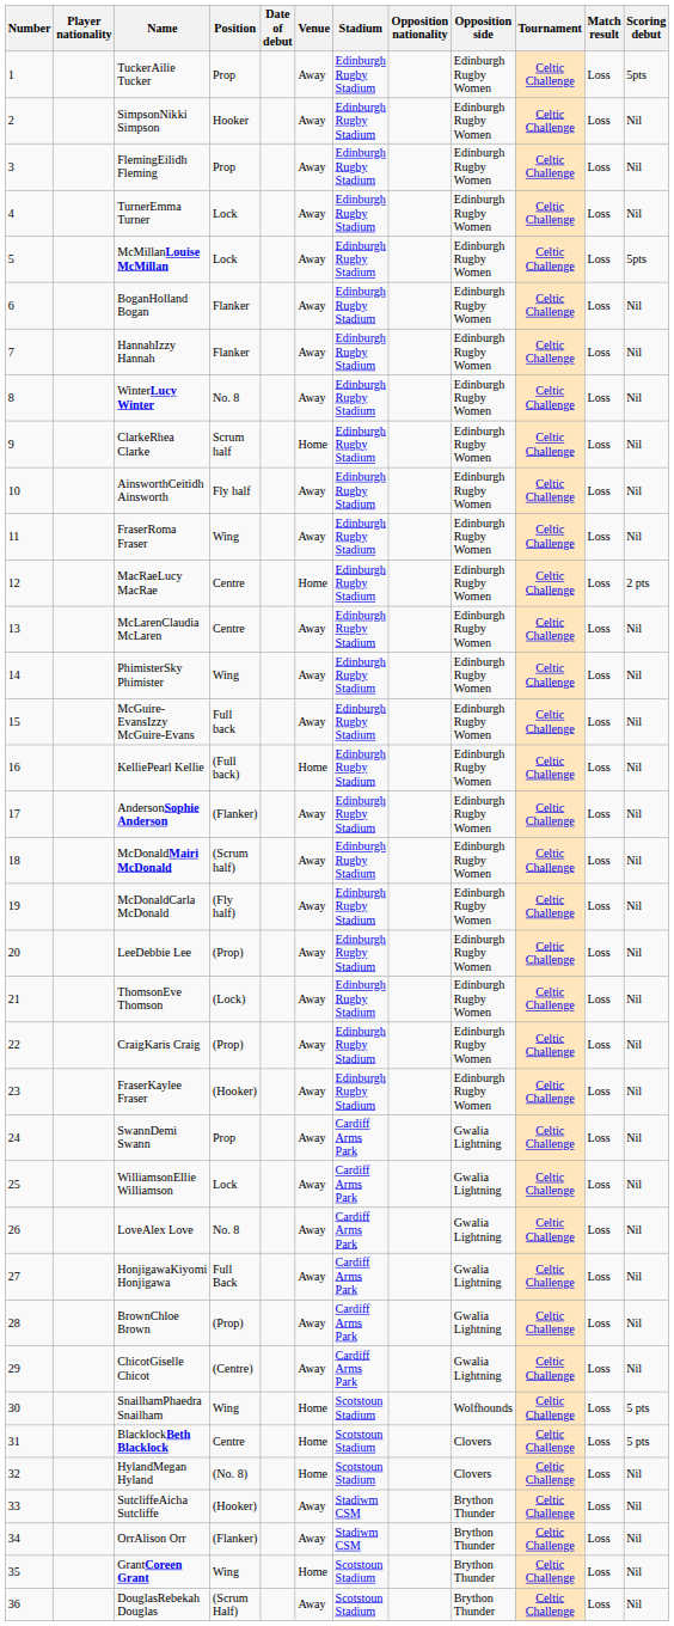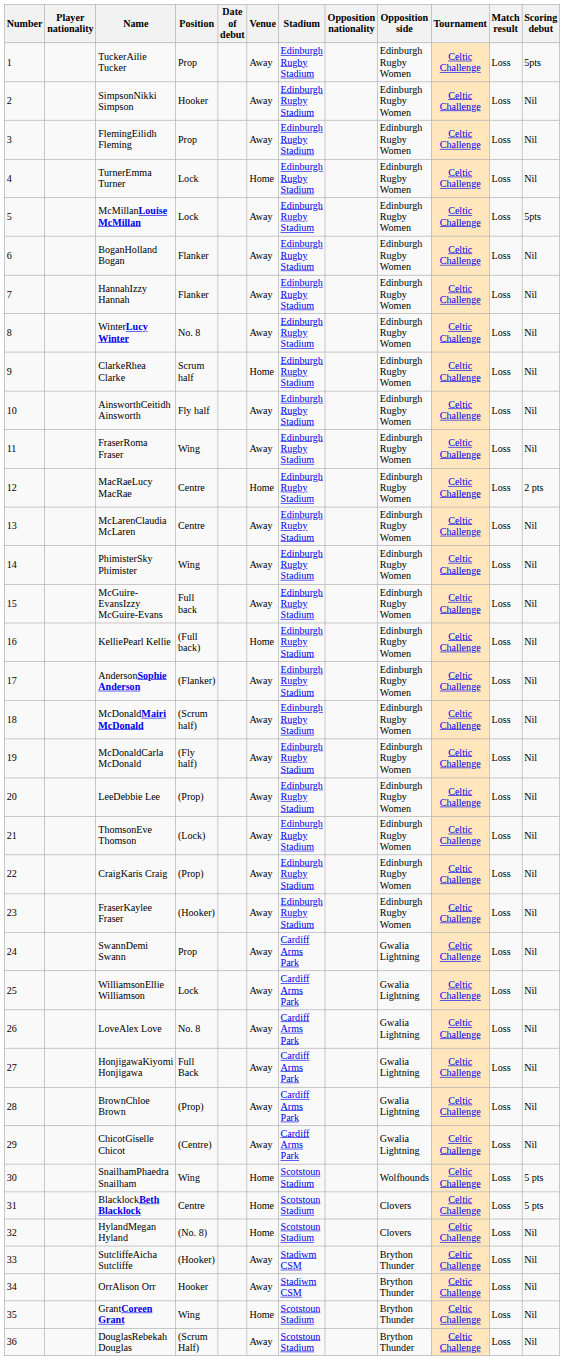 <table class="sortable wikitable">
 <tr>
 <th data-sort-type="number">Number</th>
 <th>Player nationality</th>
 <th>Name</th>
 <th>Position</th>
 <th>Date of debut</th>
 <th>Venue</th>
 <th>Stadium</th>
 <th>Opposition nationality</th>
 <th>Opposition side</th>
 <th>Tournament</th>
 <th>Match result</th>
 <th>Scoring debut</th>
 </tr>
 <tr>
 <td>1</td>
 <td style="text-align:center;"></td>
 <td><span>Tucker</span>Ailie Tucker</td>
 <td>Prop</td>
 <td></td>
 <td>Away</td>
 <td><a href='#'>Edinburgh Rugby Stadium</a></td>
 <td style="text-align:center;"></td>
 <td>Edinburgh Rugby Women</td>
 <td style="text-align:center; background:#ffe6bd;"><a href='#'>Celtic Challenge</a></td>
 <td>Loss</td>
 <td>5pts</td>
 </tr>
 <tr>
 <td>2</td>
 <td style="text-align:center;"></td>
 <td><span>Simpson</span>Nikki Simpson</td>
 <td>Hooker</td>
 <td></td>
 <td>Away</td>
 <td><a href='#'>Edinburgh Rugby Stadium</a></td>
 <td style="text-align:center;"></td>
 <td>Edinburgh Rugby Women</td>
 <td style="text-align:center; background:#ffe6bd;"><a href='#'>Celtic Challenge</a></td>
 <td>Loss</td>
 <td>Nil</td>
 </tr>
 <tr>
 <td>3</td>
 <td style="text-align:center;"></td>
 <td><span>Fleming</span>Eilidh Fleming</td>
 <td>Prop</td>
 <td></td>
 <td>Away</td>
 <td><a href='#'>Edinburgh Rugby Stadium</a></td>
 <td style="text-align:center;"></td>
 <td>Edinburgh Rugby Women</td>
 <td style="text-align:center; background:#ffe6bd;"><a href='#'>Celtic Challenge</a></td>
 <td>Loss</td>
 <td>Nil</td>
 </tr>
 <tr>
 <td>4</td>
 <td style="text-align:center;"></td>
 <td><span>Turner</span>Emma Turner</td>
 <td>Lock</td>
 <td></td>
-<td>Away</td>
+<td>Home</td>
 <td><a href='#'>Edinburgh Rugby Stadium</a></td>
 <td style="text-align:center;"></td>
 <td>Edinburgh Rugby Women</td>
 <td style="text-align:center; background:#ffe6bd;"><a href='#'>Celtic Challenge</a></td>
 <td>Loss</td>
 <td>Nil</td>
 </tr>
 <tr>
 <td>5</td>
 <td style="text-align:center;"></td>
 <td><span>McMillan</span><strong><a href='#'>Louise McMillan</a></strong></td>
 <td>Lock</td>
 <td></td>
 <td>Away</td>
 <td><a href='#'>Edinburgh Rugby Stadium</a></td>
 <td style="text-align:center;"></td>
 <td>Edinburgh Rugby Women</td>
 <td style="text-align:center; background:#ffe6bd;"><a href='#'>Celtic Challenge</a></td>
 <td>Loss</td>
 <td>5pts</td>
 </tr>
 <tr>
 <td>6</td>
 <td style="text-align:center;"></td>
 <td><span>Bogan</span>Holland Bogan</td>
 <td>Flanker</td>
 <td></td>
 <td>Away</td>
 <td><a href='#'>Edinburgh Rugby Stadium</a></td>
 <td style="text-align:center;"></td>
 <td>Edinburgh Rugby Women</td>
 <td style="text-align:center; background:#ffe6bd;"><a href='#'>Celtic Challenge</a></td>
 <td>Loss</td>
 <td>Nil</td>
 </tr>
 <tr>
 <td>7</td>
 <td style="text-align:center;"></td>
 <td><span>Hannah</span>Izzy Hannah</td>
 <td>Flanker</td>
 <td></td>
 <td>Away</td>
 <td><a href='#'>Edinburgh Rugby Stadium</a></td>
 <td style="text-align:center;"></td>
 <td>Edinburgh Rugby Women</td>
 <td style="text-align:center; background:#ffe6bd;"><a href='#'>Celtic Challenge</a></td>
 <td>Loss</td>
 <td>Nil</td>
 </tr>
 <tr>
 <td>8</td>
 <td style="text-align:center;"></td>
 <td><span>Winter</span><strong><a href='#'>Lucy Winter</a></strong></td>
 <td>No. 8</td>
 <td></td>
 <td>Away</td>
 <td><a href='#'>Edinburgh Rugby Stadium</a></td>
 <td style="text-align:center;"></td>
 <td>Edinburgh Rugby Women</td>
 <td style="text-align:center; background:#ffe6bd;"><a href='#'>Celtic Challenge</a></td>
 <td>Loss</td>
 <td>Nil</td>
 </tr>
 <tr>
 <td>9</td>
 <td style="text-align:center;"></td>
 <td><span>Clarke</span>Rhea Clarke</td>
 <td>Scrum half</td>
 <td></td>
 <td>Home</td>
 <td><a href='#'>Edinburgh Rugby Stadium</a></td>
 <td style="text-align:center;"></td>
 <td>Edinburgh Rugby Women</td>
 <td style="text-align:center; background:#ffe6bd;"><a href='#'>Celtic Challenge</a></td>
 <td>Loss</td>
 <td>Nil</td>
 </tr>
 <tr>
 <td>10</td>
 <td style="text-align:center;"></td>
 <td><span>Ainsworth</span>Ceitidh Ainsworth</td>
 <td>Fly half</td>
 <td></td>
 <td>Away</td>
 <td><a href='#'>Edinburgh Rugby Stadium</a></td>
 <td style="text-align:center;"></td>
 <td>Edinburgh Rugby Women</td>
 <td style="text-align:center; background:#ffe6bd;"><a href='#'>Celtic Challenge</a></td>
 <td>Loss</td>
 <td>Nil</td>
 </tr>
 <tr>
 <td>11</td>
 <td style="text-align:center;"></td>
 <td><span>Fraser</span>Roma Fraser</td>
 <td>Wing</td>
 <td></td>
 <td>Away</td>
 <td><a href='#'>Edinburgh Rugby Stadium</a></td>
 <td style="text-align:center;"></td>
 <td>Edinburgh Rugby Women</td>
 <td style="text-align:center; background:#ffe6bd;"><a href='#'>Celtic Challenge</a></td>
 <td>Loss</td>
 <td>Nil</td>
 </tr>
 <tr>
 <td>12</td>
 <td style="text-align:center;"></td>
 <td><span>MacRae</span>Lucy MacRae</td>
 <td>Centre</td>
 <td></td>
 <td>Home</td>
 <td><a href='#'>Edinburgh Rugby Stadium</a></td>
 <td style="text-align:center;"></td>
 <td>Edinburgh Rugby Women</td>
 <td style="text-align:center; background:#ffe6bd;"><a href='#'>Celtic Challenge</a></td>
 <td>Loss</td>
 <td>2 pts</td>
 </tr>
 <tr>
 <td>13</td>
 <td style="text-align:center;"></td>
 <td><span>McLaren</span>Claudia McLaren</td>
 <td>Centre</td>
 <td></td>
 <td>Away</td>
 <td><a href='#'>Edinburgh Rugby Stadium</a></td>
 <td style="text-align:center;"></td>
 <td>Edinburgh Rugby Women</td>
 <td style="text-align:center; background:#ffe6bd;"><a href='#'>Celtic Challenge</a></td>
 <td>Loss</td>
 <td>Nil</td>
 </tr>
 <tr>
 <td>14</td>
 <td style="text-align:center;"></td>
 <td><span>Phimister</span>Sky Phimister</td>
 <td>Wing</td>
 <td></td>
 <td>Away</td>
 <td><a href='#'>Edinburgh Rugby Stadium</a></td>
 <td style="text-align:center;"></td>
 <td>Edinburgh Rugby Women</td>
 <td style="text-align:center; background:#ffe6bd;"><a href='#'>Celtic Challenge</a></td>
 <td>Loss</td>
 <td>Nil</td>
 </tr>
 <tr>
 <td>15</td>
 <td style="text-align:center;"></td>
 <td><span>McGuire-Evans</span>Izzy McGuire-Evans</td>
 <td>Full back</td>
 <td></td>
 <td>Away</td>
 <td><a href='#'>Edinburgh Rugby Stadium</a></td>
 <td style="text-align:center;"></td>
 <td>Edinburgh Rugby Women</td>
 <td style="text-align:center; background:#ffe6bd;"><a href='#'>Celtic Challenge</a></td>
 <td>Loss</td>
 <td>Nil</td>
 </tr>
 <tr>
 <td>16</td>
 <td style="text-align:center;"></td>
 <td><span>Kellie</span>Pearl Kellie</td>
 <td>(Full back)</td>
 <td></td>
 <td>Home</td>
 <td><a href='#'>Edinburgh Rugby Stadium</a></td>
 <td style="text-align:center;"></td>
 <td>Edinburgh Rugby Women</td>
 <td style="text-align:center; background:#ffe6bd;"><a href='#'>Celtic Challenge</a></td>
 <td>Loss</td>
 <td>Nil</td>
 </tr>
 <tr>
 <td>17</td>
 <td style="text-align:center;"></td>
 <td><span>Anderson</span><strong><a href='#'>Sophie Anderson</a></strong></td>
 <td>(Flanker)</td>
 <td></td>
 <td>Away</td>
 <td><a href='#'>Edinburgh Rugby Stadium</a></td>
 <td style="text-align:center;"></td>
 <td>Edinburgh Rugby Women</td>
 <td style="text-align:center; background:#ffe6bd;"><a href='#'>Celtic Challenge</a></td>
 <td>Loss</td>
 <td>Nil</td>
 </tr>
 <tr>
 <td>18</td>
 <td style="text-align:center;"></td>
 <td><span>McDonald</span><strong><a href='#'>Mairi McDonald</a></strong></td>
 <td>(Scrum half)</td>
 <td></td>
 <td>Away</td>
 <td><a href='#'>Edinburgh Rugby Stadium</a></td>
 <td style="text-align:center;"></td>
 <td>Edinburgh Rugby Women</td>
 <td style="text-align:center; background:#ffe6bd;"><a href='#'>Celtic Challenge</a></td>
 <td>Loss</td>
 <td>Nil</td>
 </tr>
 <tr>
 <td>19</td>
 <td style="text-align:center;"></td>
 <td><span>McDonald</span>Carla McDonald</td>
 <td>(Fly half)</td>
 <td></td>
 <td>Away</td>
 <td><a href='#'>Edinburgh Rugby Stadium</a></td>
 <td style="text-align:center;"></td>
 <td>Edinburgh Rugby Women</td>
 <td style="text-align:center; background:#ffe6bd;"><a href='#'>Celtic Challenge</a></td>
 <td>Loss</td>
 <td>Nil</td>
 </tr>
 <tr>
 <td>20</td>
 <td style="text-align:center;"></td>
 <td><span>Lee</span>Debbie Lee</td>
 <td>(Prop)</td>
 <td></td>
 <td>Away</td>
 <td><a href='#'>Edinburgh Rugby Stadium</a></td>
 <td style="text-align:center;"></td>
 <td>Edinburgh Rugby Women</td>
 <td style="text-align:center; background:#ffe6bd;"><a href='#'>Celtic Challenge</a></td>
 <td>Loss</td>
 <td>Nil</td>
 </tr>
 <tr>
 <td>21</td>
 <td style="text-align:center;"></td>
 <td><span>Thomson</span>Eve Thomson</td>
 <td>(Lock)</td>
 <td></td>
 <td>Away</td>
 <td><a href='#'>Edinburgh Rugby Stadium</a></td>
 <td style="text-align:center;"></td>
 <td>Edinburgh Rugby Women</td>
 <td style="text-align:center; background:#ffe6bd;"><a href='#'>Celtic Challenge</a></td>
 <td>Loss</td>
 <td>Nil</td>
 </tr>
 <tr>
 <td>22</td>
 <td style="text-align:center;"></td>
 <td><span>Craig</span>Karis Craig</td>
 <td>(Prop)</td>
 <td></td>
 <td>Away</td>
 <td><a href='#'>Edinburgh Rugby Stadium</a></td>
 <td style="text-align:center;"></td>
 <td>Edinburgh Rugby Women</td>
 <td style="text-align:center; background:#ffe6bd;"><a href='#'>Celtic Challenge</a></td>
 <td>Loss</td>
 <td>Nil</td>
 </tr>
 <tr>
 <td>23</td>
 <td style="text-align:center;"></td>
 <td><span>Fraser</span>Kaylee Fraser</td>
 <td>(Hooker)</td>
 <td></td>
 <td>Away</td>
 <td><a href='#'>Edinburgh Rugby Stadium</a></td>
 <td style="text-align:center;"></td>
 <td>Edinburgh Rugby Women</td>
 <td style="text-align:center; background:#ffe6bd;"><a href='#'>Celtic Challenge</a></td>
 <td>Loss</td>
 <td>Nil</td>
 </tr>
 <tr>
 <td>24</td>
 <td style="text-align:center;"></td>
 <td><span>Swann</span>Demi Swann</td>
 <td>Prop</td>
 <td></td>
 <td>Away</td>
 <td><a href='#'>Cardiff Arms Park</a></td>
 <td style="text-align:center;"></td>
 <td>Gwalia Lightning</td>
 <td style="text-align:center; background:#ffe6bd;"><a href='#'>Celtic Challenge</a></td>
 <td>Loss</td>
 <td>Nil</td>
 </tr>
 <tr>
 <td>25</td>
 <td style="text-align:center;"></td>
 <td><span>Williamson</span>Ellie Williamson</td>
 <td>Lock</td>
 <td></td>
 <td>Away</td>
 <td><a href='#'>Cardiff Arms Park</a></td>
 <td style="text-align:center;"></td>
 <td>Gwalia Lightning</td>
 <td style="text-align:center; background:#ffe6bd;"><a href='#'>Celtic Challenge</a></td>
 <td>Loss</td>
 <td>Nil</td>
 </tr>
 <tr>
 <td>26</td>
 <td style="text-align:center;"></td>
 <td><span>Love</span>Alex Love</td>
 <td>No. 8</td>
 <td></td>
 <td>Away</td>
 <td><a href='#'>Cardiff Arms Park</a></td>
 <td style="text-align:center;"></td>
 <td>Gwalia Lightning</td>
 <td style="text-align:center; background:#ffe6bd;"><a href='#'>Celtic Challenge</a></td>
 <td>Loss</td>
 <td>Nil</td>
 </tr>
 <tr>
 <td>27</td>
 <td style="text-align:center;"></td>
 <td><span>Honjigawa</span>Kiyomi Honjigawa</td>
 <td>Full Back</td>
 <td></td>
 <td>Away</td>
 <td><a href='#'>Cardiff Arms Park</a></td>
 <td style="text-align:center;"></td>
 <td>Gwalia Lightning</td>
 <td style="text-align:center; background:#ffe6bd;"><a href='#'>Celtic Challenge</a></td>
 <td>Loss</td>
 <td>Nil</td>
 </tr>
 <tr>
 <td>28</td>
 <td style="text-align:center;"></td>
 <td><span>Brown</span>Chloe Brown</td>
 <td>(Prop)</td>
 <td></td>
 <td>Away</td>
 <td><a href='#'>Cardiff Arms Park</a></td>
 <td style="text-align:center;"></td>
 <td>Gwalia Lightning</td>
 <td style="text-align:center; background:#ffe6bd;"><a href='#'>Celtic Challenge</a></td>
 <td>Loss</td>
 <td>Nil</td>
 </tr>
 <tr>
 <td>29</td>
 <td style="text-align:center;"></td>
 <td><span>Chicot</span>Giselle Chicot</td>
 <td>(Centre)</td>
 <td></td>
 <td>Away</td>
 <td><a href='#'>Cardiff Arms Park</a></td>
 <td style="text-align:center;"></td>
 <td>Gwalia Lightning</td>
 <td style="text-align:center; background:#ffe6bd;"><a href='#'>Celtic Challenge</a></td>
 <td>Loss</td>
 <td>Nil</td>
 </tr>
 <tr>
 <td>30</td>
 <td style="text-align:center;"></td>
 <td><span>Snailham</span>Phaedra Snailham</td>
 <td>Wing</td>
 <td></td>
 <td>Home</td>
 <td><a href='#'>Scotstoun Stadium</a></td>
 <td style="text-align:center;"></td>
 <td>Wolfhounds</td>
 <td style="text-align:center; background:#ffe6bd;"><a href='#'>Celtic Challenge</a></td>
 <td>Loss</td>
 <td>5 pts</td>
 </tr>
 <tr>
 <td>31</td>
 <td style="text-align:center;"></td>
 <td><span>Blacklock</span><strong><a href='#'>Beth Blacklock</a></strong></td>
 <td>Centre</td>
 <td></td>
 <td>Home</td>
 <td><a href='#'>Scotstoun Stadium</a></td>
 <td style="text-align:center;"></td>
 <td>Clovers</td>
 <td style="text-align:center; background:#ffe6bd;"><a href='#'>Celtic Challenge</a></td>
 <td>Loss</td>
 <td>5 pts</td>
 </tr>
 <tr>
 <td>32</td>
 <td style="text-align:center;"></td>
 <td><span>Hyland</span>Megan Hyland</td>
 <td>(No. 8)</td>
 <td></td>
 <td>Home</td>
 <td><a href='#'>Scotstoun Stadium</a></td>
 <td style="text-align:center;"></td>
 <td>Clovers</td>
 <td style="text-align:center; background:#ffe6bd;"><a href='#'>Celtic Challenge</a></td>
 <td>Loss</td>
 <td>Nil</td>
 </tr>
 <tr>
 <td>33</td>
 <td style="text-align:center;"></td>
 <td><span>Sutcliffe</span>Aicha Sutcliffe</td>
 <td>(Hooker)</td>
 <td></td>
 <td>Away</td>
 <td><a href='#'>Stadiwm CSM</a></td>
 <td style="text-align:center;"></td>
 <td>Brython Thunder</td>
 <td style="text-align:center; background:#ffe6bd;"><a href='#'>Celtic Challenge</a></td>
 <td>Loss</td>
 <td>Nil</td>
 </tr>
 <tr>
 <td>34</td>
 <td style="text-align:center;"></td>
 <td><span>Orr</span>Alison Orr</td>
-<td>(Flanker)</td>
+<td>Hooker</td>
 <td></td>
 <td>Away</td>
 <td><a href='#'>Stadiwm CSM</a></td>
 <td style="text-align:center;"></td>
 <td>Brython Thunder</td>
 <td style="text-align:center; background:#ffe6bd;"><a href='#'>Celtic Challenge</a></td>
 <td>Loss</td>
 <td>Nil</td>
 </tr>
 <tr>
 <td>35</td>
 <td style="text-align:center;"></td>
 <td><span>Grant</span><strong><a href='#'>Coreen Grant</a></strong></td>
 <td>Wing</td>
 <td></td>
 <td>Home</td>
 <td><a href='#'>Scotstoun Stadium</a></td>
 <td style="text-align:center;"></td>
 <td>Brython Thunder</td>
 <td style="text-align:center; background:#ffe6bd;"><a href='#'>Celtic Challenge</a></td>
 <td>Loss</td>
 <td>Nil</td>
 </tr>
 <tr>
 <td>36</td>
 <td style="text-align:center;"></td>
 <td><span>Douglas</span>Rebekah Douglas</td>
 <td>(Scrum Half)</td>
 <td></td>
 <td>Away</td>
 <td><a href='#'>Scotstoun Stadium</a></td>
 <td style="text-align:center;"></td>
 <td>Brython Thunder</td>
 <td style="text-align:center; background:#ffe6bd;"><a href='#'>Celtic Challenge</a></td>
 <td>Loss</td>
 <td>Nil</td>
 </tr>
 </table>
